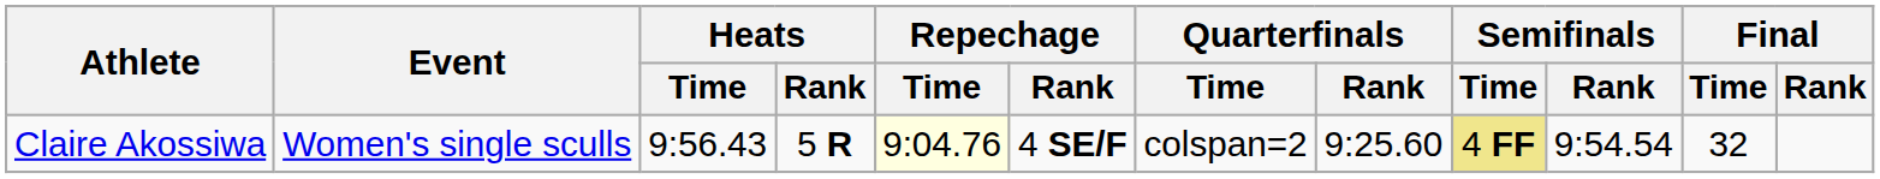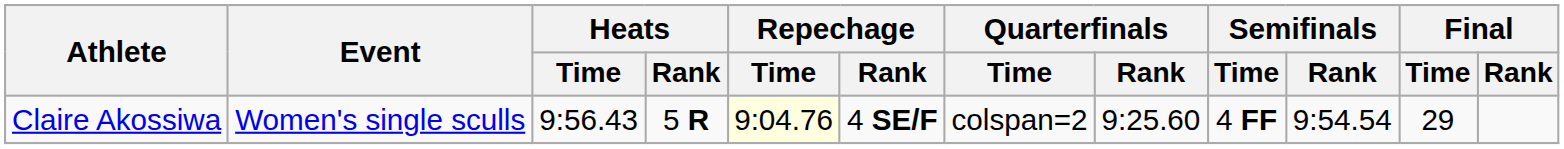 <table class="wikitable" style="font-size:90%">
 <tr>
 <th rowspan=2>Athlete</th>
 <th rowspan=2>Event</th>
 <th colspan="2">Heats</th>
 <th colspan="2">Repechage</th>
 <th colspan=2>Quarterfinals</th>
 <th colspan="2">Semifinals</th>
 <th colspan="2">Final</th>
 </tr>
 <tr style="font-size:95%">
 <th>Time</th>
 <th>Rank</th>
 <th>Time</th>
 <th>Rank</th>
 <th>Time</th>
 <th>Rank</th>
 <th>Time</th>
 <th>Rank</th>
 <th>Time</th>
 <th>Rank</th>
 </tr>
 <tr align=center>
 <td align=left><a href='#'>Claire Akossiwa</a></td>
 <td align=left><a href='#'>Women's single sculls</a></td>
 <td>9:56.43</td>
 <td>5 <strong>R</strong></td>
 <td style="background: lightyellow;">9:04.76</td>
 <td>4 <strong>SE/F</strong></td>
 <td>colspan=2 </td>
 <td>9:25.60</td>
-<td style="background: khaki;">4 <strong>FF</strong></td>
+<td>4 <strong>FF</strong></td>
 <td>9:54.54</td>
-<td>32</td>
+<td>29</td>
 </tr>
 </table>
